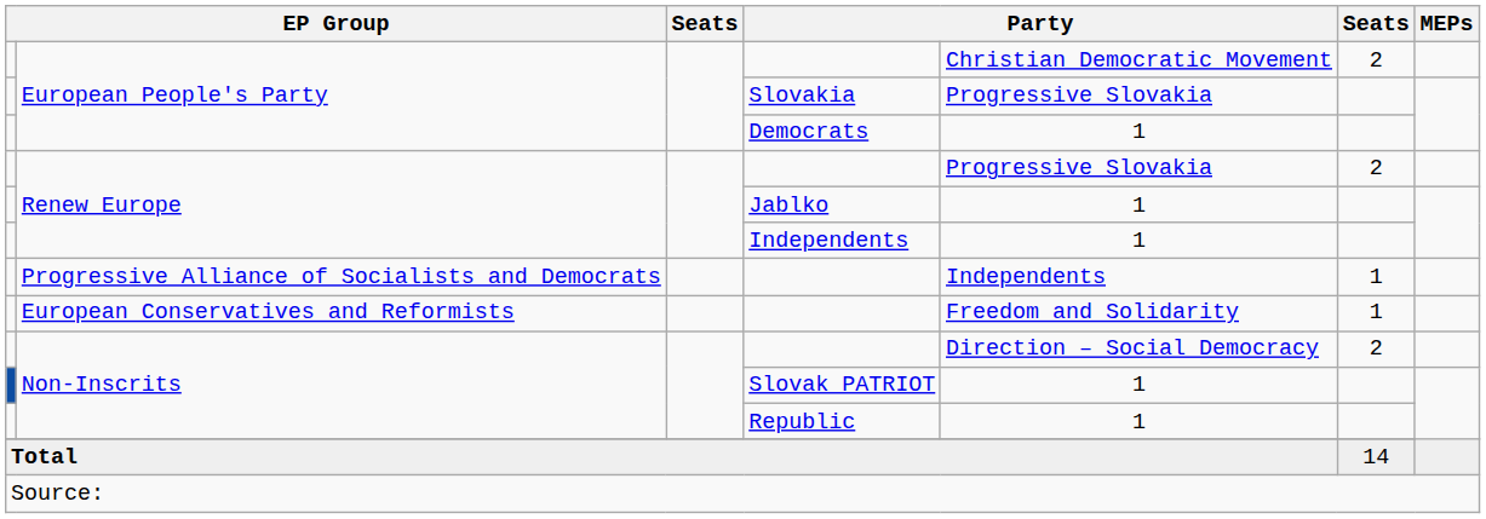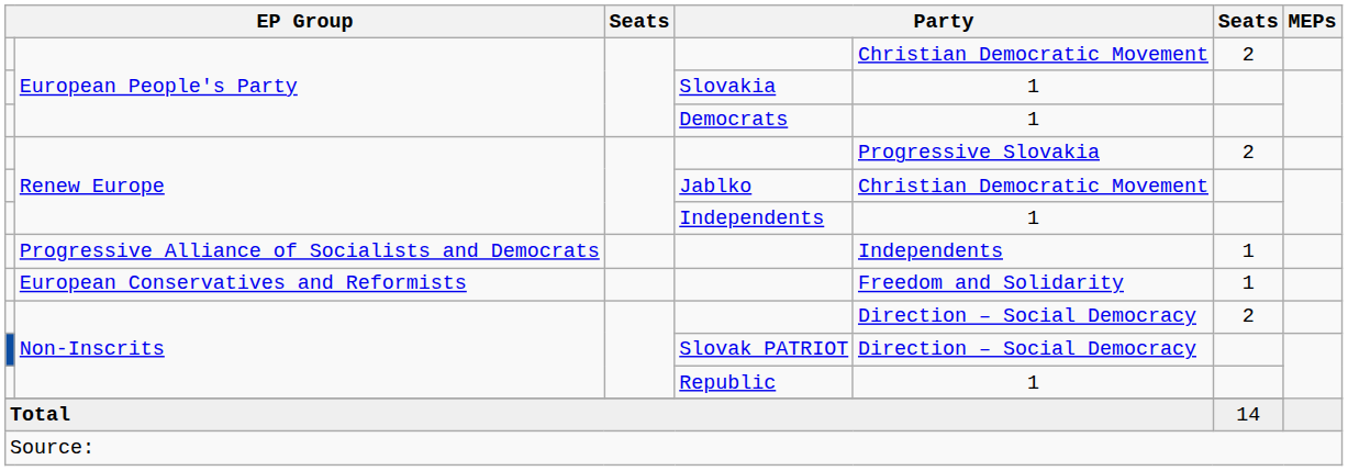 <table class="wikitable">
 <tr>
 <th colspan=2>EP Group</th>
 <th>Seats</th>
 <th colspan=2>Party</th>
 <th>Seats</th>
 <th>MEPs</th>
 </tr>
 <tr>
 <td></td>
 <td rowspan="3"><a href='#'>European People's Party</a></td>
 <td rowspan="3"></td>
 <td style="background:"></td>
 <td><a href='#'>Christian Democratic Movement</a></td>
 <td align=center>2</td>
 <td></td>
 </tr>
 <tr>
 <td style="background:"></td>
 <td><a href='#'>Slovakia</a></td>
-<td><a href='#'>Progressive Slovakia</a></td>
+<td align=center>1</td>
 <td></td>
 </tr>
 <tr>
 <td style="background:"></td>
 <td><a href='#'>Democrats</a></td>
 <td align=center>1</td>
 <td></td>
 </tr>
 <tr>
 <td></td>
 <td rowspan="3"><a href='#'>Renew Europe</a></td>
 <td rowspan="3"></td>
 <td style="background:"></td>
 <td><a href='#'>Progressive Slovakia</a></td>
 <td align=center>2</td>
 <td></td>
 </tr>
 <tr>
 <td style="background:"></td>
 <td><a href='#'>Jablko</a></td>
-<td align=center>1</td>
+<td><a href='#'>Christian Democratic Movement</a></td>
 <td></td>
 </tr>
 <tr>
 <td style="background:"></td>
 <td><a href='#'>Independents</a></td>
 <td align=center>1</td>
 <td></td>
 </tr>
 <tr>
 <td></td>
 <td><a href='#'>Progressive Alliance of Socialists and Democrats</a></td>
 <td></td>
 <td style="background:"></td>
 <td><a href='#'>Independents</a></td>
 <td align=center>1</td>
 <td></td>
 </tr>
 <tr>
 <td></td>
 <td><a href='#'>European Conservatives and Reformists</a></td>
 <td></td>
 <td style="background:"></td>
 <td><a href='#'>Freedom and Solidarity</a></td>
 <td align=center>1</td>
 <td></td>
 </tr>
 <tr>
 <td></td>
 <td rowspan="3"><a href='#'>Non-Inscrits</a></td>
 <td rowspan="3"></td>
 <td style="background:"></td>
 <td><a href='#'>Direction – Social Democracy</a></td>
 <td align=center>2</td>
 <td></td>
 </tr>
 <tr>
 <td style="background:#0C4DA2;"></td>
 <td><a href='#'>Slovak PATRIOT</a></td>
-<td align=center>1</td>
+<td><a href='#'>Direction – Social Democracy</a></td>
 <td></td>
 </tr>
 <tr>
 <td style="background:"></td>
 <td><a href='#'>Republic</a></td>
 <td align=center>1</td>
 <td></td>
 </tr>
 <tr>
 </tr>
 <tr bgcolor="EFEFEF">
 <td colspan=5 align=left><strong>Total</strong></td>
 <td align=center>14</td>
 <td></td>
 </tr>
 <tr>
 <td colspan="7">Source: </td>
 </tr>
 </table>
